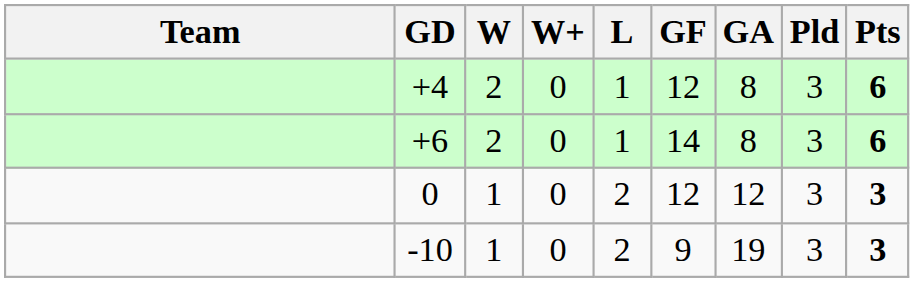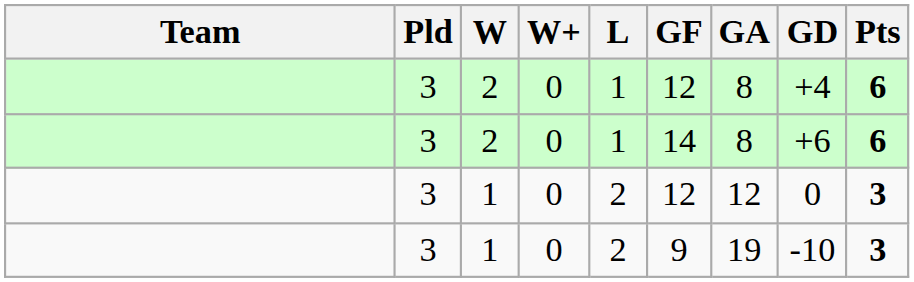 <table class="wikitable" style="text-align: center;">
 <tr>
 <th width="175">Team</th>
-<th width="25">GD</th>
+<th width="20">Pld</th>
 <th width="20">W</th>
 <th width="20">W+</th>
 <th width="20">L</th>
 <th width="20">GF</th>
 <th width="20">GA</th>
-<th width="20">Pld</th>
+<th width="25">GD</th>
 <th width="20">Pts</th>
 </tr>
 <tr align=center style="background:#ccffcc;">
 <td style="text-align:left;"></td>
-<td>+4</td>
+<td>3</td>
 <td>2</td>
 <td>0</td>
 <td>1</td>
 <td>12</td>
 <td>8</td>
-<td>3</td>
+<td>+4</td>
 <td><strong>6</strong></td>
 </tr>
 <tr align=center style="background:#ccffcc;">
 <td style="text-align:left;"></td>
-<td>+6</td>
+<td>3</td>
 <td>2</td>
 <td>0</td>
 <td>1</td>
 <td>14</td>
 <td>8</td>
-<td>3</td>
+<td>+6</td>
 <td><strong>6</strong></td>
 </tr>
 <tr>
 <td style="text-align:left;"></td>
-<td>0</td>
+<td>3</td>
 <td>1</td>
 <td>0</td>
 <td>2</td>
 <td>12</td>
 <td>12</td>
-<td>3</td>
+<td>0</td>
 <td><strong>3</strong></td>
 </tr>
 <tr>
 <td style="text-align:left;"></td>
-<td>-10</td>
+<td>3</td>
 <td>1</td>
 <td>0</td>
 <td>2</td>
 <td>9</td>
 <td>19</td>
-<td>3</td>
+<td>-10</td>
 <td><strong>3</strong></td>
 </tr>
 </table>
